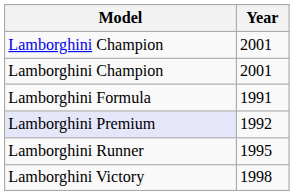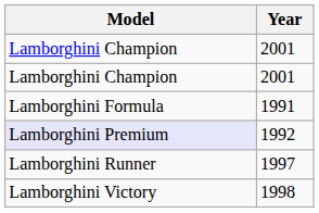 <table class="wikitable sortable" style="font-size:90%">
 <tr>
 <th width=200px>Model</th>
 <th width=40px>Year</th>
 </tr>
 <tr>
 <td><a href='#'>Lamborghini</a> Champion</td>
 <td>2001</td>
 </tr>
 <tr>
 <td>Lamborghini Champion</td>
 <td>2001</td>
 </tr>
 <tr>
 <td>Lamborghini Formula</td>
 <td>1991</td>
 </tr>
 <tr>
 <td style="background: lavender;">Lamborghini Premium</td>
 <td>1992</td>
 </tr>
 <tr>
 <td>Lamborghini Runner</td>
-<td>1995</td>
+<td>1997</td>
 </tr>
 <tr>
 <td>Lamborghini Victory</td>
 <td>1998</td>
 </tr>
 </table>
